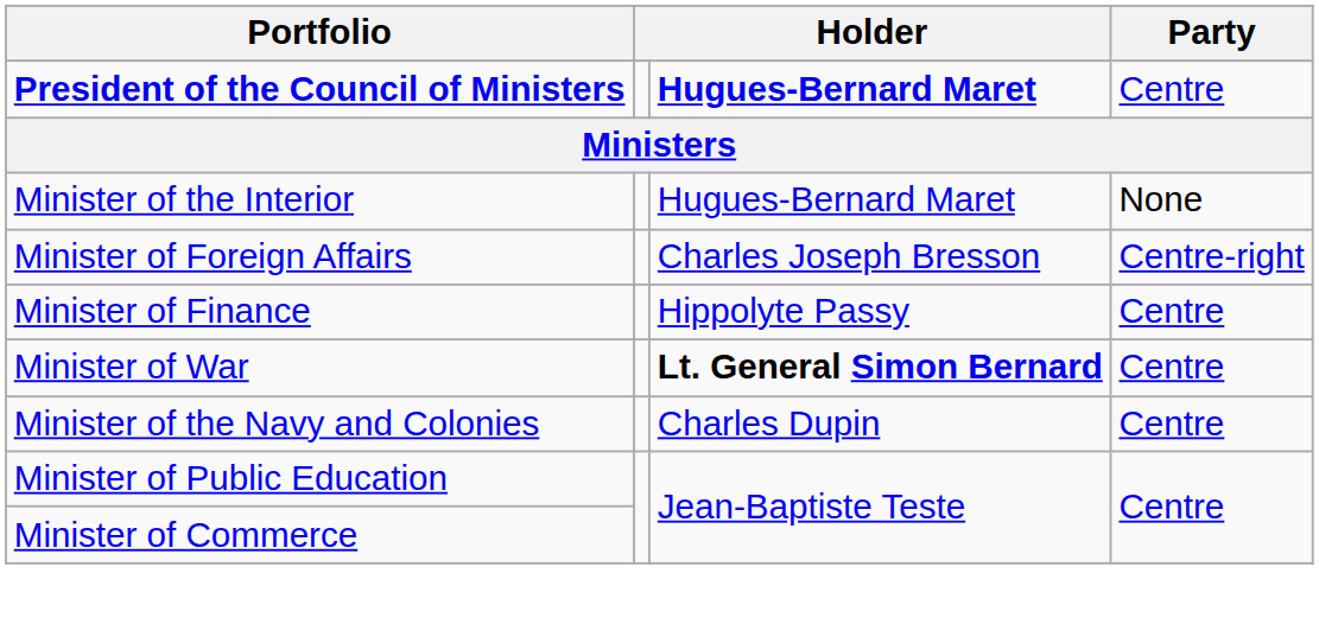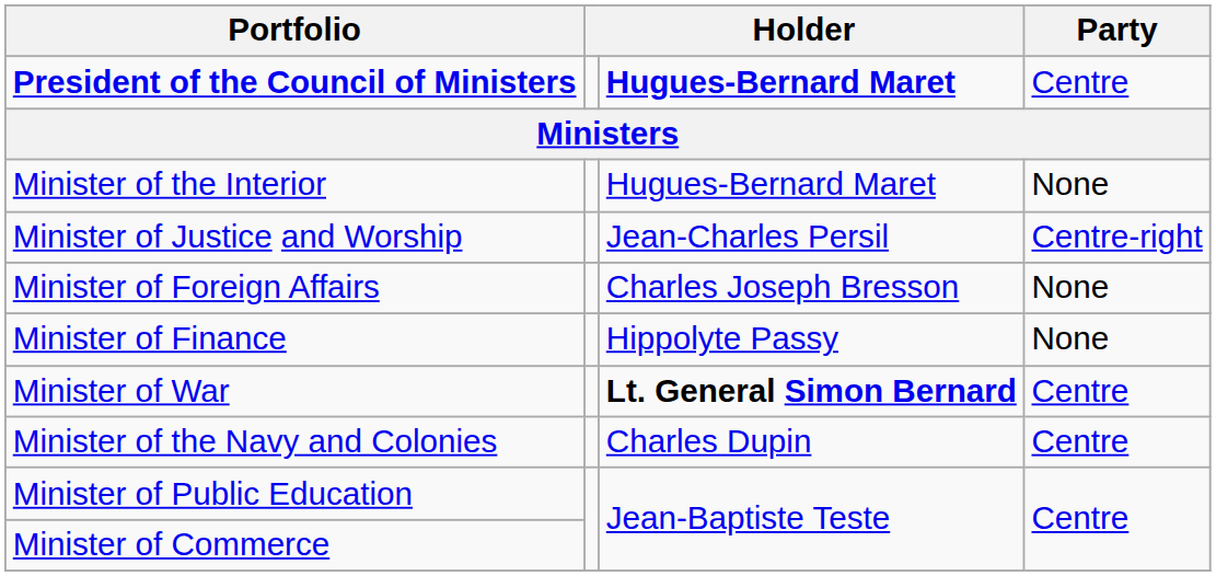 <table class="wikitable">
 <tr>
 <th>Portfolio</th>
 <th colspan=2>Holder</th>
 <th>Party</th>
 </tr>
 <tr>
 <td><strong><a href='#'>President of the Council of Ministers</a></strong></td>
 <td style="background:"></td>
 <td><strong><a href='#'>Hugues-Bernard Maret</a></strong></td>
 <td><a href='#'>Centre</a></td>
 </tr>
 <tr>
 <th colspan=4 align=center><a href='#'>Ministers</a></th>
 </tr>
 <tr>
 <td><a href='#'>Minister of the Interior</a></td>
 <td style="background:"></td>
 <td><a href='#'>Hugues-Bernard Maret</a></td>
 <td>None</td>
 </tr>
 <tr>
+<td><a href='#'>Minister of Justice</a> <a href='#'>and Worship</a></td>
+<td style="background:"></td>
+<td><a href='#'>Jean-Charles Persil</a></td>
+<td><a href='#'>Centre-right</a></td>
+</tr>
+<tr>
 <td><a href='#'>Minister of Foreign Affairs</a></td>
 <td style="background:"></td>
 <td><a href='#'>Charles Joseph Bresson</a></td>
-<td><a href='#'>Centre-right</a></td>
+<td>None</td>
 </tr>
 <tr>
 <td><a href='#'>Minister of Finance</a></td>
 <td style="background:"></td>
 <td><a href='#'>Hippolyte Passy</a></td>
-<td><a href='#'>Centre</a></td>
+<td>None</td>
 </tr>
 <tr>
 <td><a href='#'>Minister of War</a></td>
 <td style="background:"></td>
 <td><strong>Lt. General <a href='#'>Simon Bernard</a></strong></td>
 <td><a href='#'>Centre</a></td>
 </tr>
 <tr>
 <td><a href='#'>Minister of the Navy and Colonies</a></td>
 <td style="background:"></td>
 <td><a href='#'>Charles Dupin</a></td>
 <td><a href='#'>Centre</a></td>
 </tr>
 <tr>
 <td><a href='#'>Minister of Public Education</a></td>
 <td rowspan=2 style="background:"></td>
 <td rowspan=2><a href='#'>Jean-Baptiste Teste</a></td>
 <td rowspan=2><a href='#'>Centre</a></td>
 </tr>
 <tr>
 <td><a href='#'>Minister of Commerce</a></td>
 </tr>
 </table>
